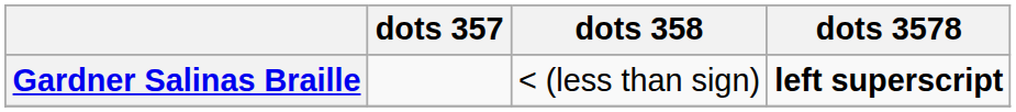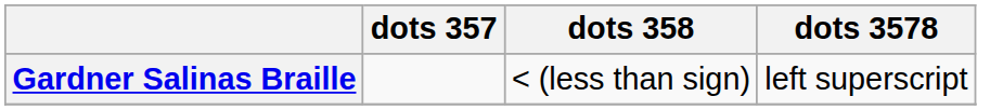 <table class="wikitable">
 <tr>
 <th></th>
 <th>dots 357</th>
 <th>dots 358</th>
 <th>dots 3578</th>
 </tr>
 <tr>
 <th align=left><a href='#'>Gardner Salinas Braille</a></th>
 <td></td>
 <td>< (less than sign)</td>
-<td><strong>left superscript</strong></td>
+<td>left superscript</td>
 </tr>
 <tr>
 </tr>
 <tr>
 </tr>
 </table>
